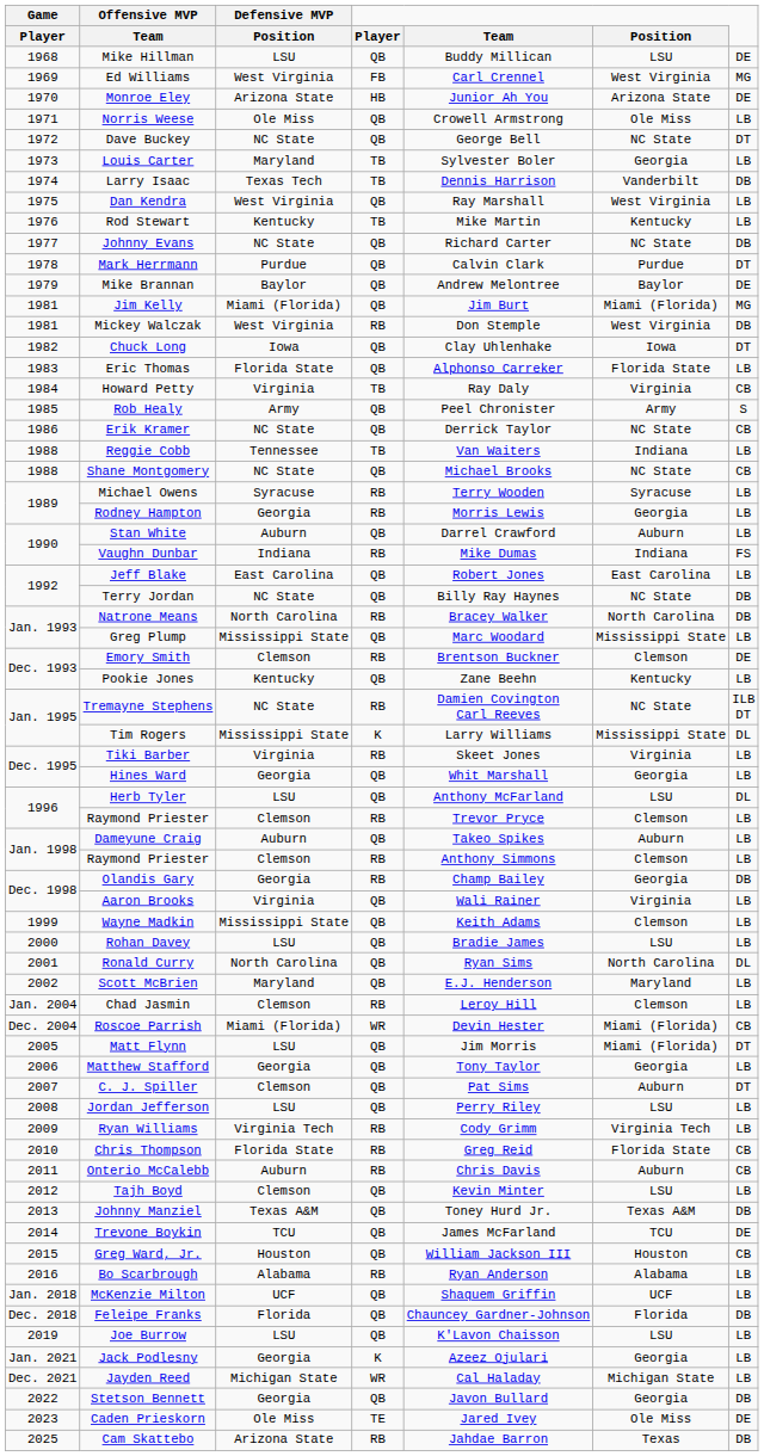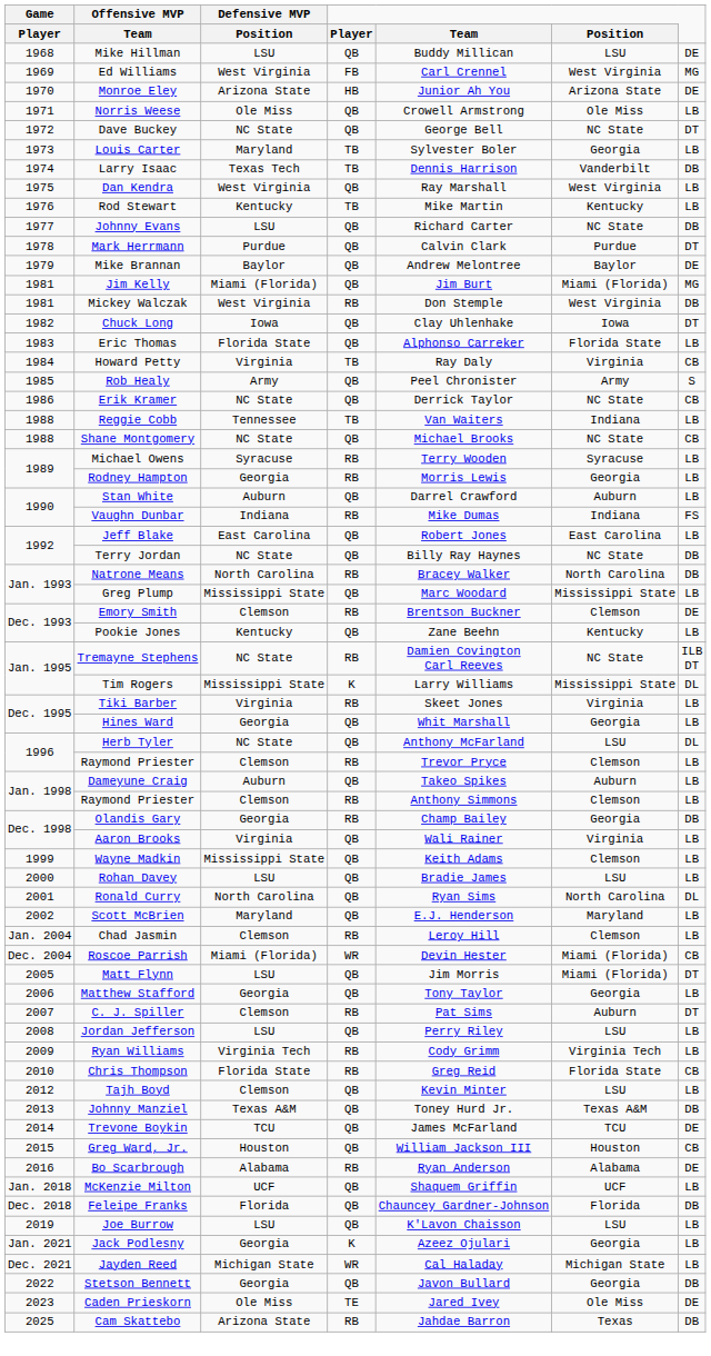 <table class="wikitable" style="text-align:center">
 <tr>
 <th>Game</th>
 <th>Offensive MVP</th>
 <th>Defensive MVP</th>
 </tr>
 <tr>
 <th>Player</th>
 <th>Team</th>
 <th>Position</th>
 <th>Player</th>
 <th>Team</th>
 <th>Position</th>
 </tr>
 <tr>
 <td>1968</td>
 <td>Mike Hillman</td>
 <td>LSU</td>
 <td>QB</td>
 <td>Buddy Millican</td>
 <td>LSU</td>
 <td>DE</td>
 </tr>
 <tr>
 <td>1969</td>
 <td>Ed Williams</td>
 <td>West Virginia</td>
 <td>FB</td>
 <td><a href='#'>Carl Crennel</a></td>
 <td>West Virginia</td>
 <td>MG</td>
 </tr>
 <tr>
 <td>1970</td>
 <td><a href='#'>Monroe Eley</a></td>
 <td>Arizona State</td>
 <td>HB</td>
 <td><a href='#'>Junior Ah You</a></td>
 <td>Arizona State</td>
 <td>DE</td>
 </tr>
 <tr>
 <td>1971</td>
 <td><a href='#'>Norris Weese</a></td>
 <td>Ole Miss</td>
 <td>QB</td>
 <td>Crowell Armstrong</td>
 <td>Ole Miss</td>
 <td>LB</td>
 </tr>
 <tr>
 <td>1972</td>
 <td>Dave Buckey</td>
 <td>NC State</td>
 <td>QB</td>
 <td>George Bell</td>
 <td>NC State</td>
 <td>DT</td>
 </tr>
 <tr>
 <td>1973</td>
 <td><a href='#'>Louis Carter</a></td>
 <td>Maryland</td>
 <td>TB</td>
 <td>Sylvester Boler</td>
 <td>Georgia</td>
 <td>LB</td>
 </tr>
 <tr>
 <td>1974</td>
 <td>Larry Isaac</td>
 <td>Texas Tech</td>
 <td>TB</td>
 <td><a href='#'>Dennis Harrison</a></td>
 <td>Vanderbilt</td>
 <td>DB</td>
 </tr>
 <tr>
 <td>1975</td>
 <td><a href='#'>Dan Kendra</a></td>
 <td>West Virginia</td>
 <td>QB</td>
 <td>Ray Marshall</td>
 <td>West Virginia</td>
 <td>LB</td>
 </tr>
 <tr>
 <td>1976</td>
 <td>Rod Stewart</td>
 <td>Kentucky</td>
 <td>TB</td>
 <td>Mike Martin</td>
 <td>Kentucky</td>
 <td>LB</td>
 </tr>
 <tr>
 <td>1977</td>
 <td><a href='#'>Johnny Evans</a></td>
-<td>NC State</td>
+<td>LSU</td>
 <td>QB</td>
 <td>Richard Carter</td>
 <td>NC State</td>
 <td>DB</td>
 </tr>
 <tr>
 <td>1978</td>
 <td><a href='#'>Mark Herrmann</a></td>
 <td>Purdue</td>
 <td>QB</td>
 <td>Calvin Clark</td>
 <td>Purdue</td>
 <td>DT</td>
 </tr>
 <tr>
 <td>1979</td>
 <td>Mike Brannan</td>
 <td>Baylor</td>
 <td>QB</td>
 <td>Andrew Melontree</td>
 <td>Baylor</td>
 <td>DE</td>
 </tr>
 <tr>
 <td>1981</td>
 <td><a href='#'>Jim Kelly</a></td>
 <td>Miami (Florida)</td>
 <td>QB</td>
 <td><a href='#'>Jim Burt</a></td>
 <td>Miami (Florida)</td>
 <td>MG</td>
 </tr>
 <tr>
 <td>1981</td>
 <td>Mickey Walczak</td>
 <td>West Virginia</td>
 <td>RB</td>
 <td>Don Stemple</td>
 <td>West Virginia</td>
 <td>DB</td>
 </tr>
 <tr>
 <td>1982</td>
 <td><a href='#'>Chuck Long</a></td>
 <td>Iowa</td>
 <td>QB</td>
 <td>Clay Uhlenhake</td>
 <td>Iowa</td>
 <td>DT</td>
 </tr>
 <tr>
 <td>1983</td>
 <td>Eric Thomas</td>
 <td>Florida State</td>
 <td>QB</td>
 <td><a href='#'>Alphonso Carreker</a></td>
 <td>Florida State</td>
 <td>LB</td>
 </tr>
 <tr>
 <td>1984</td>
 <td>Howard Petty</td>
 <td>Virginia</td>
 <td>TB</td>
 <td>Ray Daly</td>
 <td>Virginia</td>
 <td>CB</td>
 </tr>
 <tr>
 <td>1985</td>
 <td><a href='#'>Rob Healy</a></td>
 <td>Army</td>
 <td>QB</td>
 <td>Peel Chronister</td>
 <td>Army</td>
 <td>S</td>
 </tr>
 <tr>
 <td>1986</td>
 <td><a href='#'>Erik Kramer</a></td>
 <td>NC State</td>
 <td>QB</td>
 <td>Derrick Taylor</td>
 <td>NC State</td>
 <td>CB</td>
 </tr>
 <tr>
 <td>1988</td>
 <td><a href='#'>Reggie Cobb</a></td>
 <td>Tennessee</td>
 <td>TB</td>
 <td><a href='#'>Van Waiters</a></td>
 <td>Indiana</td>
 <td>LB</td>
 </tr>
 <tr>
 <td>1988</td>
 <td><a href='#'>Shane Montgomery</a></td>
 <td>NC State</td>
 <td>QB</td>
 <td><a href='#'>Michael Brooks</a></td>
 <td>NC State</td>
 <td>CB</td>
 </tr>
 <tr>
 <td rowspan=2>1989</td>
 <td>Michael Owens</td>
 <td>Syracuse</td>
 <td>RB</td>
 <td><a href='#'>Terry Wooden</a></td>
 <td>Syracuse</td>
 <td>LB</td>
 </tr>
 <tr>
 <td><a href='#'>Rodney Hampton</a></td>
 <td>Georgia</td>
 <td>RB</td>
 <td><a href='#'>Morris Lewis</a></td>
 <td>Georgia</td>
 <td>LB</td>
 </tr>
 <tr>
 <td rowspan=2>1990</td>
 <td><a href='#'>Stan White</a></td>
 <td>Auburn</td>
 <td>QB</td>
 <td>Darrel Crawford</td>
 <td>Auburn</td>
 <td>LB</td>
 </tr>
 <tr>
 <td><a href='#'>Vaughn Dunbar</a></td>
 <td>Indiana</td>
 <td>RB</td>
 <td><a href='#'>Mike Dumas</a></td>
 <td>Indiana</td>
 <td>FS</td>
 </tr>
 <tr>
 <td rowspan=2>1992</td>
 <td><a href='#'>Jeff Blake</a></td>
 <td>East Carolina</td>
 <td>QB</td>
 <td><a href='#'>Robert Jones</a></td>
 <td>East Carolina</td>
 <td>LB</td>
 </tr>
 <tr>
 <td>Terry Jordan</td>
 <td>NC State</td>
 <td>QB</td>
 <td>Billy Ray Haynes</td>
 <td>NC State</td>
 <td>DB</td>
 </tr>
 <tr>
 <td rowspan=2>Jan. 1993</td>
 <td><a href='#'>Natrone Means</a></td>
 <td>North Carolina</td>
 <td>RB</td>
 <td><a href='#'>Bracey Walker</a></td>
 <td>North Carolina</td>
 <td>DB</td>
 </tr>
 <tr>
 <td>Greg Plump</td>
 <td>Mississippi State</td>
 <td>QB</td>
 <td><a href='#'>Marc Woodard</a></td>
 <td>Mississippi State</td>
 <td>LB</td>
 </tr>
 <tr>
 <td rowspan=2>Dec. 1993</td>
 <td><a href='#'>Emory Smith</a></td>
 <td>Clemson</td>
 <td>RB</td>
 <td><a href='#'>Brentson Buckner</a></td>
 <td>Clemson</td>
 <td>DE</td>
 </tr>
 <tr>
 <td>Pookie Jones</td>
 <td>Kentucky</td>
 <td>QB</td>
 <td>Zane Beehn</td>
 <td>Kentucky</td>
 <td>LB</td>
 </tr>
 <tr>
 <td rowspan=2>Jan. 1995</td>
 <td><a href='#'>Tremayne Stephens</a></td>
 <td>NC State</td>
 <td>RB</td>
 <td><a href='#'>Damien Covington</a><br><a href='#'>Carl Reeves</a></td>
 <td>NC State</td>
 <td>ILB<br>DT</td>
 </tr>
 <tr>
 <td>Tim Rogers</td>
 <td>Mississippi State</td>
 <td>K</td>
 <td>Larry Williams</td>
 <td>Mississippi State</td>
 <td>DL</td>
 </tr>
 <tr>
 <td rowspan=2>Dec. 1995</td>
 <td><a href='#'>Tiki Barber</a></td>
 <td>Virginia</td>
 <td>RB</td>
 <td>Skeet Jones</td>
 <td>Virginia</td>
 <td>LB</td>
 </tr>
 <tr>
 <td><a href='#'>Hines Ward</a></td>
 <td>Georgia</td>
 <td>QB</td>
 <td><a href='#'>Whit Marshall</a></td>
 <td>Georgia</td>
 <td>LB</td>
 </tr>
 <tr>
 <td rowspan=2>1996</td>
 <td><a href='#'>Herb Tyler</a></td>
-<td>LSU</td>
+<td>NC State</td>
 <td>QB</td>
 <td><a href='#'>Anthony McFarland</a></td>
 <td>LSU</td>
 <td>DL</td>
 </tr>
 <tr>
 <td>Raymond Priester</td>
 <td>Clemson</td>
 <td>RB</td>
 <td><a href='#'>Trevor Pryce</a></td>
 <td>Clemson</td>
 <td>LB</td>
 </tr>
 <tr>
 <td rowspan=2>Jan. 1998</td>
 <td><a href='#'>Dameyune Craig</a></td>
 <td>Auburn</td>
 <td>QB</td>
 <td><a href='#'>Takeo Spikes</a></td>
 <td>Auburn</td>
 <td>LB</td>
 </tr>
 <tr>
 <td>Raymond Priester</td>
 <td>Clemson</td>
 <td>RB</td>
 <td><a href='#'>Anthony Simmons</a></td>
 <td>Clemson</td>
 <td>LB</td>
 </tr>
 <tr>
 <td rowspan=2>Dec. 1998</td>
 <td><a href='#'>Olandis Gary</a></td>
 <td>Georgia</td>
 <td>RB</td>
 <td><a href='#'>Champ Bailey</a></td>
 <td>Georgia</td>
 <td>DB</td>
 </tr>
 <tr>
 <td><a href='#'>Aaron Brooks</a></td>
 <td>Virginia</td>
 <td>QB</td>
 <td><a href='#'>Wali Rainer</a></td>
 <td>Virginia</td>
 <td>LB</td>
 </tr>
 <tr>
 <td>1999</td>
 <td><a href='#'>Wayne Madkin</a></td>
 <td>Mississippi State</td>
 <td>QB</td>
 <td><a href='#'>Keith Adams</a></td>
 <td>Clemson</td>
 <td>LB</td>
 </tr>
 <tr>
 <td>2000</td>
 <td><a href='#'>Rohan Davey</a></td>
 <td>LSU</td>
 <td>QB</td>
 <td><a href='#'>Bradie James</a></td>
 <td>LSU</td>
 <td>LB</td>
 </tr>
 <tr>
 <td>2001</td>
 <td><a href='#'>Ronald Curry</a></td>
 <td>North Carolina</td>
 <td>QB</td>
 <td><a href='#'>Ryan Sims</a></td>
 <td>North Carolina</td>
 <td>DL</td>
 </tr>
 <tr>
 <td>2002</td>
 <td><a href='#'>Scott McBrien</a></td>
 <td>Maryland</td>
 <td>QB</td>
 <td><a href='#'>E.J. Henderson</a></td>
 <td>Maryland</td>
 <td>LB</td>
 </tr>
 <tr>
 <td>Jan. 2004</td>
 <td>Chad Jasmin</td>
 <td>Clemson</td>
 <td>RB</td>
 <td><a href='#'>Leroy Hill</a></td>
 <td>Clemson</td>
 <td>LB</td>
 </tr>
 <tr>
 <td>Dec. 2004</td>
 <td><a href='#'>Roscoe Parrish</a></td>
 <td>Miami (Florida)</td>
 <td>WR</td>
 <td><a href='#'>Devin Hester</a></td>
 <td>Miami (Florida)</td>
 <td>CB</td>
 </tr>
 <tr>
 <td>2005</td>
 <td><a href='#'>Matt Flynn</a></td>
 <td>LSU</td>
 <td>QB</td>
 <td>Jim Morris</td>
 <td>Miami (Florida)</td>
 <td>DT</td>
 </tr>
 <tr>
 <td>2006</td>
 <td><a href='#'>Matthew Stafford</a></td>
 <td>Georgia</td>
 <td>QB</td>
 <td><a href='#'>Tony Taylor</a></td>
 <td>Georgia</td>
 <td>LB</td>
 </tr>
 <tr>
 <td>2007</td>
 <td><a href='#'>C. J. Spiller</a></td>
 <td>Clemson</td>
-<td>QB</td>
+<td>RB</td>
 <td><a href='#'>Pat Sims</a></td>
 <td>Auburn</td>
 <td>DT</td>
 </tr>
 <tr>
 <td>2008</td>
 <td><a href='#'>Jordan Jefferson</a></td>
 <td>LSU</td>
 <td>QB</td>
 <td><a href='#'>Perry Riley</a></td>
 <td>LSU</td>
 <td>LB</td>
 </tr>
 <tr>
 <td>2009</td>
 <td><a href='#'>Ryan Williams</a></td>
 <td>Virginia Tech</td>
 <td>RB</td>
 <td><a href='#'>Cody Grimm</a></td>
 <td>Virginia Tech</td>
 <td>LB</td>
 </tr>
 <tr>
 <td>2010</td>
 <td><a href='#'>Chris Thompson</a></td>
 <td>Florida State</td>
 <td>RB</td>
 <td><a href='#'>Greg Reid</a></td>
 <td>Florida State</td>
-<td>CB</td>
-</tr>
-<tr>
-<td>2011</td>
-<td><a href='#'>Onterio McCalebb</a></td>
-<td>Auburn</td>
-<td>RB</td>
-<td><a href='#'>Chris Davis</a></td>
-<td>Auburn</td>
 <td>CB</td>
 </tr>
 <tr>
 <td>2012</td>
 <td><a href='#'>Tajh Boyd</a></td>
 <td>Clemson</td>
 <td>QB</td>
 <td><a href='#'>Kevin Minter</a></td>
 <td>LSU</td>
 <td>LB</td>
 </tr>
 <tr>
 <td>2013</td>
 <td><a href='#'>Johnny Manziel</a></td>
 <td>Texas A&M</td>
 <td>QB</td>
 <td>Toney Hurd Jr.</td>
 <td>Texas A&M</td>
 <td>DB</td>
 </tr>
 <tr>
 <td>2014</td>
 <td><a href='#'>Trevone Boykin</a></td>
 <td>TCU</td>
 <td>QB</td>
 <td>James McFarland</td>
 <td>TCU</td>
 <td>DE</td>
 </tr>
 <tr>
 <td>2015</td>
 <td><a href='#'>Greg Ward, Jr.</a></td>
 <td>Houston</td>
 <td>QB</td>
 <td><a href='#'>William Jackson III</a></td>
 <td>Houston</td>
 <td>CB</td>
 </tr>
 <tr>
 <td>2016</td>
 <td><a href='#'>Bo Scarbrough</a></td>
 <td>Alabama</td>
 <td>RB</td>
 <td><a href='#'>Ryan Anderson</a></td>
 <td>Alabama</td>
-<td>LB</td>
+<td>DE</td>
 </tr>
 <tr>
 <td>Jan. 2018</td>
 <td><a href='#'>McKenzie Milton</a></td>
 <td>UCF</td>
 <td>QB</td>
 <td><a href='#'>Shaquem Griffin</a></td>
 <td>UCF</td>
 <td>LB</td>
 </tr>
 <tr>
 <td>Dec. 2018</td>
 <td><a href='#'>Feleipe Franks</a></td>
 <td>Florida</td>
 <td>QB</td>
 <td><a href='#'>Chauncey Gardner-Johnson</a></td>
 <td>Florida</td>
 <td>DB</td>
 </tr>
 <tr>
 <td>2019</td>
 <td><a href='#'>Joe Burrow</a></td>
 <td>LSU</td>
 <td>QB</td>
 <td><a href='#'>K'Lavon Chaisson</a></td>
 <td>LSU</td>
 <td>LB</td>
 </tr>
 <tr>
 <td>Jan. 2021</td>
 <td><a href='#'>Jack Podlesny</a></td>
 <td>Georgia</td>
 <td>K</td>
 <td><a href='#'>Azeez Ojulari</a></td>
 <td>Georgia</td>
 <td>LB</td>
 </tr>
 <tr>
 <td>Dec. 2021</td>
 <td><a href='#'>Jayden Reed</a></td>
 <td>Michigan State</td>
 <td>WR</td>
 <td><a href='#'>Cal Haladay</a></td>
 <td>Michigan State</td>
 <td>LB</td>
 </tr>
 <tr>
 <td>2022</td>
 <td><a href='#'>Stetson Bennett</a></td>
 <td>Georgia</td>
 <td>QB</td>
 <td><a href='#'>Javon Bullard</a></td>
 <td>Georgia</td>
 <td>DB</td>
 </tr>
 <tr>
 <td>2023</td>
 <td><a href='#'>Caden Prieskorn</a></td>
 <td>Ole Miss</td>
 <td>TE</td>
 <td><a href='#'>Jared Ivey</a></td>
 <td>Ole Miss</td>
 <td>DE</td>
 </tr>
 <tr>
 <td>2025</td>
 <td><a href='#'>Cam Skattebo</a></td>
 <td>Arizona State</td>
 <td>RB</td>
 <td><a href='#'>Jahdae Barron</a></td>
 <td>Texas</td>
 <td>DB</td>
 </tr>
 </table>
